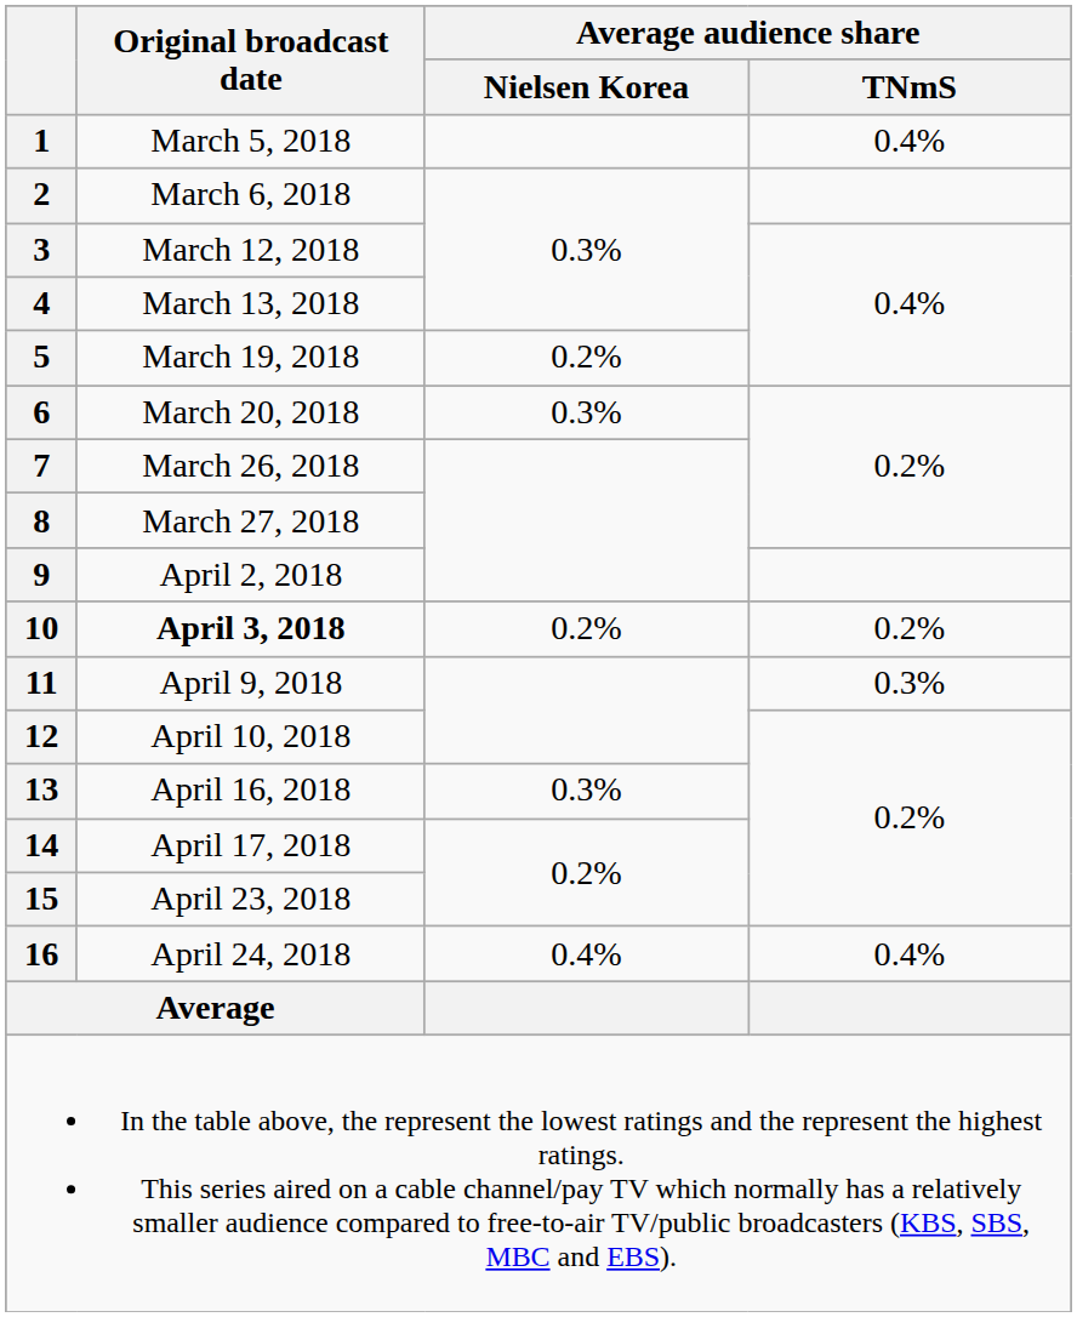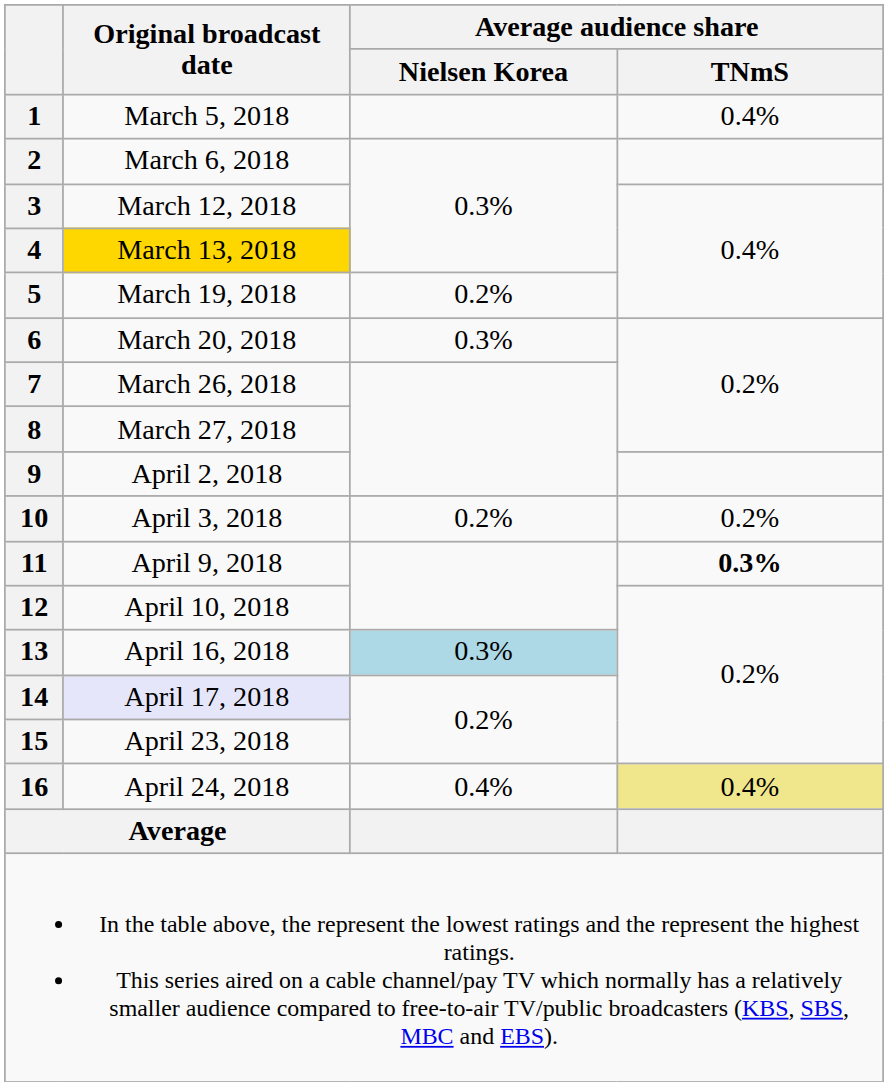 <table class="wikitable" style="text-align:center; width:500px">
 <tr>
 <th rowspan="2"></th>
 <th rowspan="2">Original broadcast date</th>
 <th colspan="2">Average audience share</th>
 </tr>
 <tr>
 <th scope="col" style="width:9em">Nielsen Korea</th>
 <th scope="col" style="width:9em">TNmS</th>
 </tr>
 <tr>
 <th>1</th>
 <td>March 5, 2018</td>
 <td></td>
 <td>0.4%</td>
 </tr>
 <tr>
 <th>2</th>
 <td>March 6, 2018</td>
 <td rowspan="3">0.3%</td>
 <td></td>
 </tr>
 <tr>
 <th>3</th>
 <td>March 12, 2018</td>
 <td rowspan="3">0.4%</td>
 </tr>
 <tr>
 <th>4</th>
-<td>March 13, 2018</td>
+<td style="background: gold;">March 13, 2018</td>
 </tr>
 <tr>
 <th>5</th>
 <td>March 19, 2018</td>
 <td>0.2%</td>
 </tr>
 <tr>
 <th>6</th>
 <td>March 20, 2018</td>
 <td>0.3%</td>
 <td rowspan="3">0.2%</td>
 </tr>
 <tr>
 <th>7</th>
 <td>March 26, 2018</td>
 <td rowspan="3"></td>
 </tr>
 <tr>
 <th>8</th>
 <td>March 27, 2018</td>
 </tr>
 <tr>
 <th>9</th>
 <td>April 2, 2018</td>
 <td></td>
 </tr>
 <tr>
 <th>10</th>
-<td><strong>April 3, 2018</strong></td>
+<td>April 3, 2018</td>
 <td>0.2%</td>
 <td>0.2%</td>
 </tr>
 <tr>
 <th>11</th>
 <td>April 9, 2018</td>
 <td rowspan="2"></td>
-<td>0.3%</td>
+<td><strong>0.3%</strong></td>
 </tr>
 <tr>
 <th>12</th>
 <td>April 10, 2018</td>
 <td rowspan="4">0.2%</td>
 </tr>
 <tr>
 <th>13</th>
 <td>April 16, 2018</td>
-<td>0.3%</td>
+<td style="background: lightblue;">0.3%</td>
 </tr>
 <tr>
 <th>14</th>
-<td>April 17, 2018</td>
+<td style="background: lavender;">April 17, 2018</td>
 <td rowspan="2">0.2%</td>
 </tr>
 <tr>
 <th>15</th>
 <td>April 23, 2018</td>
 </tr>
 <tr>
 <th>16</th>
 <td>April 24, 2018</td>
 <td>0.4%</td>
-<td>0.4%</td>
+<td style="background: khaki;">0.4%</td>
 </tr>
 <tr>
 <th colspan=2>Average</th>
 <th></th>
 <th></th>
 </tr>
 <tr>
 <td colspan="4" style="font-size:85%"><br><ul><li>In the table above, the <strong></strong> represent the lowest ratings and the <strong></strong> represent the highest ratings.</li><li>This series aired on a cable channel/pay TV which normally has a relatively smaller audience compared to free-to-air TV/public broadcasters (<a href='#'>KBS</a>, <a href='#'>SBS</a>, <a href='#'>MBC</a> and <a href='#'>EBS</a>).</li></ul></td>
 </tr>
 </table>
